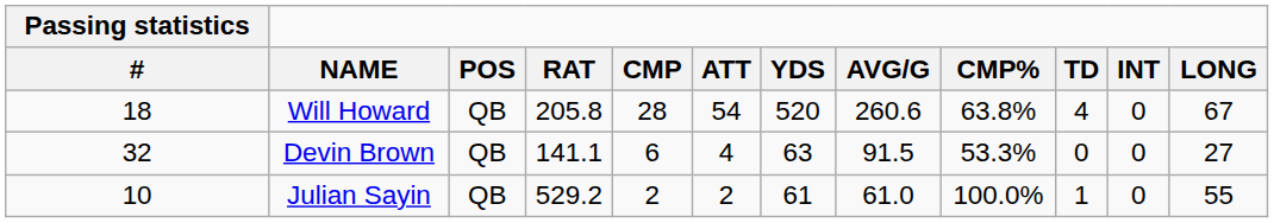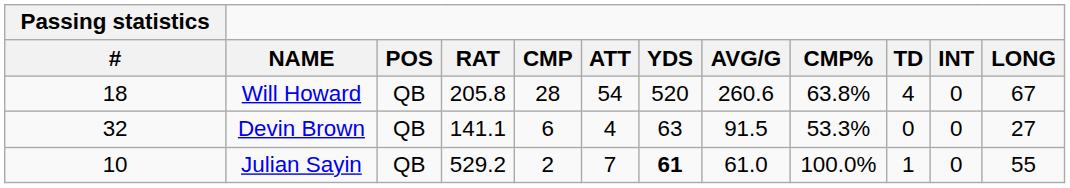 <table style="width:60%; text-align:center;" class="wikitable collapsible collapsed">
 <tr>
 <th style="text-align:center; ">Passing statistics</th>
 </tr>
 <tr>
 <th>#</th>
 <th>NAME</th>
 <th>POS</th>
 <th>RAT</th>
 <th>CMP</th>
 <th>ATT</th>
 <th>YDS</th>
 <th>AVG/G</th>
 <th>CMP%</th>
 <th>TD</th>
 <th>INT</th>
 <th>LONG</th>
 </tr>
 <tr>
 <td>18</td>
 <td><a href='#'>Will Howard</a></td>
 <td>QB</td>
 <td>205.8</td>
 <td>28</td>
 <td>54</td>
 <td>520</td>
 <td>260.6</td>
 <td>63.8%</td>
 <td>4</td>
 <td>0</td>
 <td>67</td>
 </tr>
 <tr>
 <td>32</td>
 <td><a href='#'>Devin Brown</a></td>
 <td>QB</td>
 <td>141.1</td>
 <td>6</td>
 <td>4</td>
 <td>63</td>
 <td>91.5</td>
 <td>53.3%</td>
 <td>0</td>
 <td>0</td>
 <td>27</td>
 </tr>
 <tr>
 <td>10</td>
 <td><a href='#'>Julian Sayin</a></td>
 <td>QB</td>
 <td>529.2</td>
 <td>2</td>
-<td>2</td>
-<td>61</td>
+<td>7</td>
+<td><strong>61</strong></td>
 <td>61.0</td>
 <td>100.0%</td>
 <td>1</td>
 <td>0</td>
 <td>55</td>
 </tr>
 </table>
